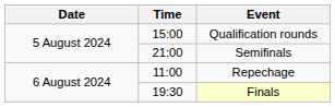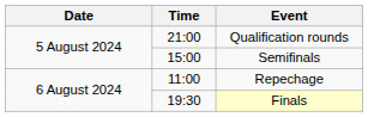 <table class = "wikitable" style="text-align:center;">
 <tr>
 <th width=168>Date</th>
 <th width=68>Time</th>
 <th width=168>Event</th>
 </tr>
 <tr>
 <td rowspan=2>5 August 2024</td>
-<td>15:00</td>
+<td>21:00</td>
 <td>Qualification rounds</td>
 </tr>
 <tr>
-<td>21:00</td>
+<td>15:00</td>
 <td>Semifinals</td>
 </tr>
 <tr>
 <td rowspan=2>6 August 2024</td>
 <td>11:00</td>
 <td>Repechage</td>
 </tr>
 <tr>
 <td>19:30</td>
 <td bgcolor=ffffcc>Finals</td>
 </tr>
 </table>
